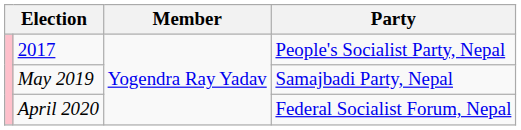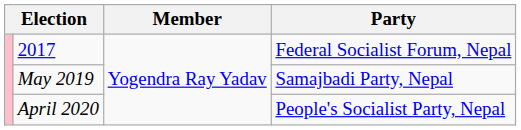 <table class="wikitable">
 <tr>
 <th colspan="2">Election</th>
 <th>Member</th>
 <th>Party</th>
 </tr>
 <tr>
 <td rowspan="3" style="background-color:pink"></td>
 <td><a href='#'>2017</a></td>
 <td rowspan="3"><a href='#'>Yogendra Ray Yadav</a></td>
-<td><a href='#'>People's Socialist Party, Nepal</a></td>
+<td><a href='#'>Federal Socialist Forum, Nepal</a></td>
 </tr>
 <tr>
 <td><em>May 2019</em></td>
 <td><a href='#'>Samajbadi Party, Nepal</a></td>
 </tr>
 <tr>
 <td><em>April 2020</em></td>
-<td><a href='#'>Federal Socialist Forum, Nepal</a></td>
+<td><a href='#'>People's Socialist Party, Nepal</a></td>
 </tr>
 </table>
